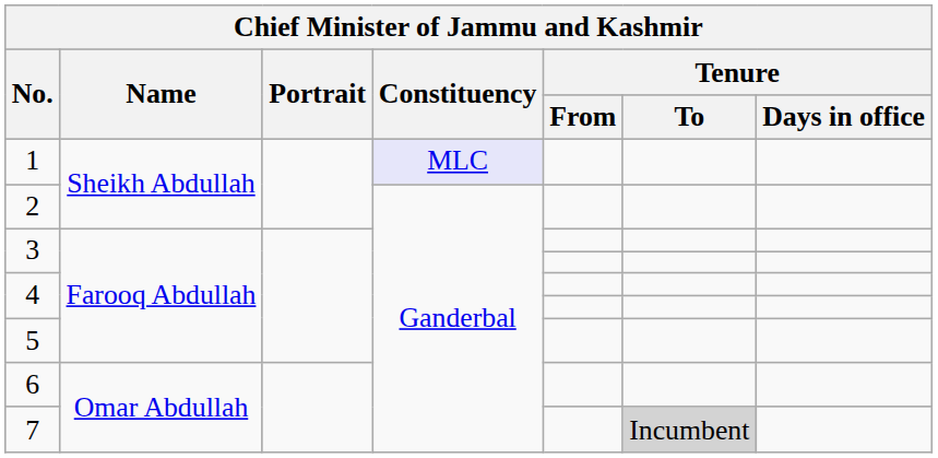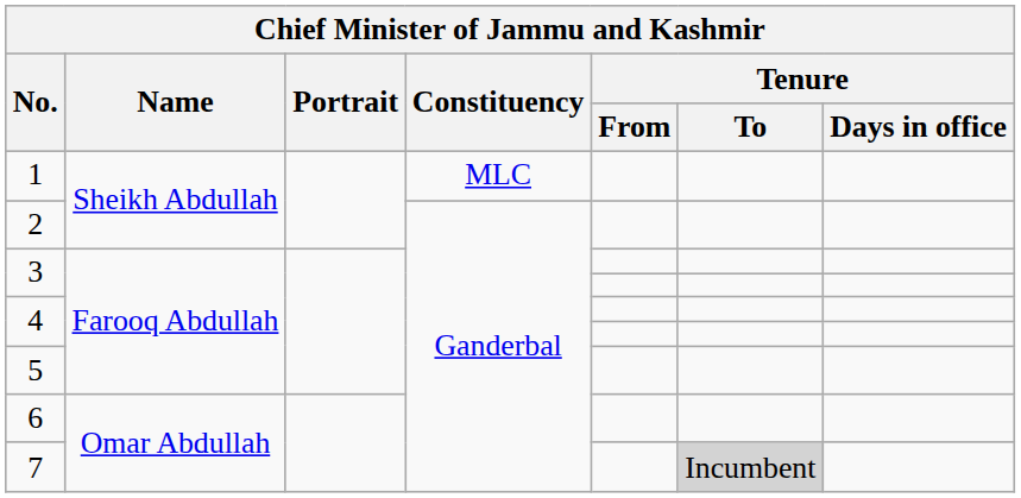 <table class="wikitable sortable" style="text-align:center">
 <tr>
 <th colspan="11">Chief Minister of Jammu and Kashmir</th>
 </tr>
 <tr>
 <th rowspan="2">No.</th>
 <th rowspan="2">Name</th>
 <th rowspan="2">Portrait</th>
 <th rowspan="2">Constituency</th>
 <th colspan="3">Tenure</th>
 </tr>
 <tr>
 <th>From</th>
 <th>To</th>
 <th>Days in office</th>
 </tr>
 <tr>
 <td>1</td>
 <td rowspan=2><a href='#'>Sheikh Abdullah</a></td>
 <td rowspan=2></td>
-<td style="background: lavender;"><a href='#'>MLC</a></td>
+<td><a href='#'>MLC</a></td>
 <td></td>
 <td></td>
 <td></td>
 </tr>
 <tr>
 <td>2</td>
 <td rowspan=8><a href='#'>Ganderbal</a></td>
 <td></td>
 <td></td>
 <td></td>
 </tr>
 <tr>
 <td rowspan=2>3</td>
 <td rowspan=5><a href='#'>Farooq Abdullah</a></td>
 <td rowspan=5></td>
 <td></td>
 <td></td>
 <td></td>
 </tr>
 <tr>
 <td></td>
 <td></td>
 <td></td>
 </tr>
 <tr>
 <td rowspan=2>4</td>
 <td></td>
 <td></td>
 <td></td>
 </tr>
 <tr>
 <td></td>
 <td></td>
 <td></td>
 </tr>
 <tr>
 <td>5</td>
 <td></td>
 <td></td>
 <td></td>
 </tr>
 <tr>
 <td>6</td>
 <td rowspan=2><a href='#'>Omar Abdullah</a></td>
 <td rowspan=2></td>
 <td></td>
 <td></td>
 <td></td>
 </tr>
 <tr>
 <td>7</td>
 <td></td>
 <td style="background: lightgrey;">Incumbent</td>
 <td></td>
 </tr>
 </table>
